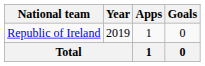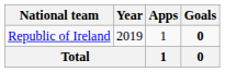 <table class="wikitable" style="text-align:center">
 <tr>
 <th>National team</th>
 <th>Year</th>
 <th>Apps</th>
 <th>Goals</th>
 </tr>
 <tr>
 <td><a href='#'>Republic of Ireland</a></td>
 <td>2019</td>
 <td>1</td>
-<td>0</td>
+<td><strong>0</strong></td>
 </tr>
 <tr>
 <th colspan="2">Total</th>
 <th>1</th>
 <th>0</th>
 </tr>
 </table>
